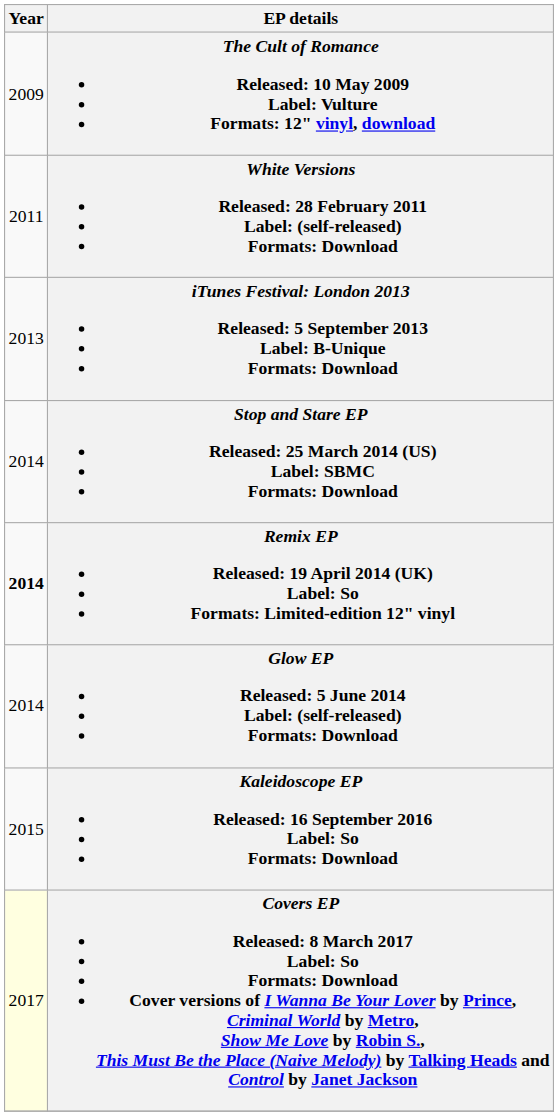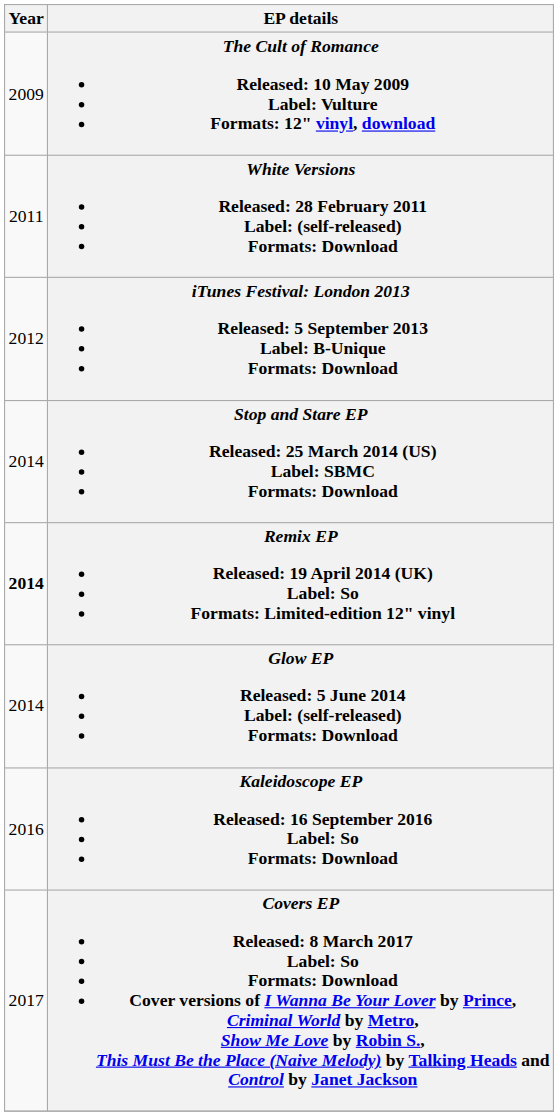 <table class="wikitable plainrowheaders" style="text-align:center;">
 <tr>
 <th scope="col" rowspan="1">Year</th>
 <th scope="col" rowspan="1">EP details</th>
 </tr>
 <tr>
 <td>2009</td>
 <th scope="row"><strong><em>The Cult of Romance</em></strong><br><ul><li>Released: 10 May 2009</li><li>Label: Vulture</li><li>Formats: 12" <a href='#'>vinyl</a>, <a href='#'>download</a></li></ul></th>
 </tr>
 <tr>
 <td>2011</td>
 <th scope="row"><strong><em>White Versions</em></strong><br><ul><li>Released: 28 February 2011</li><li>Label: (self-released)</li><li>Formats: Download</li></ul></th>
 </tr>
 <tr>
-<td>2013</td>
+<td>2012</td>
 <th scope="row"><strong><em>iTunes Festival: London 2013</em></strong><br><ul><li>Released: 5 September 2013</li><li>Label: B-Unique</li><li>Formats: Download</li></ul></th>
 </tr>
 <tr>
 <td>2014</td>
 <th scope="row"><strong><em>Stop and Stare EP</em></strong><br><ul><li>Released: 25 March 2014 (US)</li><li>Label: SBMC</li><li>Formats: Download</li></ul></th>
 </tr>
 <tr>
 <td><strong>2014</strong></td>
 <th scope="row"><strong><em>Remix EP</em></strong><br><ul><li>Released: 19 April 2014 (UK)</li><li>Label: So</li><li>Formats: Limited-edition 12" vinyl</li></ul></th>
 </tr>
 <tr>
 <td>2014</td>
 <th scope="row"><strong><em>Glow EP</em></strong><br><ul><li>Released: 5 June 2014</li><li>Label: (self-released)</li><li>Formats: Download</li></ul></th>
 </tr>
 <tr>
-<td>2015</td>
+<td>2016</td>
 <th scope="row"><strong><em>Kaleidoscope EP</em></strong><br><ul><li>Released: 16 September 2016</li><li>Label: So</li><li>Formats: Download</li></ul></th>
 </tr>
 <tr>
-<td style="background: lightyellow;">2017</td>
+<td>2017</td>
 <th scope="row"><strong><em>Covers EP</em></strong><br><ul><li>Released: 8 March 2017</li><li>Label: So</li><li>Formats: Download</li><li>Cover versions of <em><a href='#'>I Wanna Be Your Lover</a></em> by <a href='#'>Prince</a>,<br> <em><a href='#'>Criminal World</a></em> by <a href='#'>Metro</a>,<br> <em><a href='#'>Show Me Love</a></em> by <a href='#'>Robin S.</a>,<br> <em><a href='#'>This Must Be the Place (Naive Melody)</a></em> by <a href='#'>Talking Heads</a> and<br> <em><a href='#'>Control</a></em> by <a href='#'>Janet Jackson</a></li></ul></th>
 </tr>
 <tr>
 </tr>
 </table>
